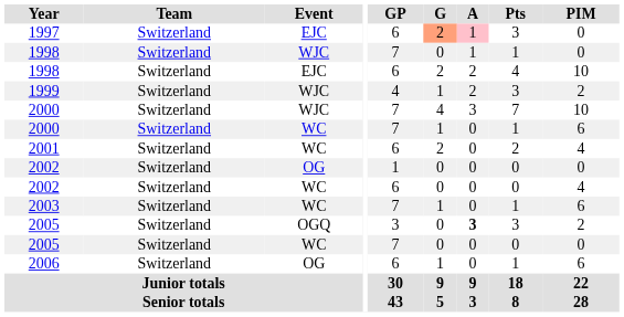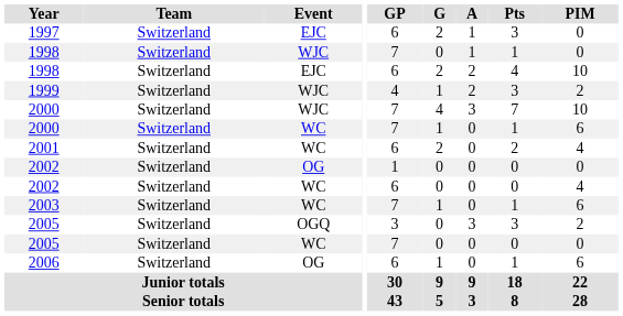 <table border="0" cellpadding="1" cellspacing="0" ID="Table3" style="text-align:center; width:40em">
 <tr ALIGN="center" bgcolor="#e0e0e0">
 <th>Year</th>
 <th>Team</th>
 <th>Event</th>
 <th rowspan="99" bgcolor="#ffffff"></th>
 <th>GP</th>
 <th>G</th>
 <th>A</th>
 <th>Pts</th>
 <th>PIM</th>
 </tr>
 <tr>
 <td><a href='#'>1997</a></td>
 <td><a href='#'>Switzerland</a></td>
 <td><a href='#'>EJC</a></td>
 <td>6</td>
-<td style="background: lightsalmon;">2</td>
-<td style="background: pink;">1</td>
+<td>2</td>
+<td>1</td>
 <td>3</td>
 <td>0</td>
 </tr>
 <tr bgcolor="#f0f0f0">
 <td><a href='#'>1998</a></td>
 <td><a href='#'>Switzerland</a></td>
 <td><a href='#'>WJC</a></td>
 <td>7</td>
 <td>0</td>
 <td>1</td>
 <td>1</td>
 <td>0</td>
 </tr>
 <tr>
 <td><a href='#'>1998</a></td>
 <td>Switzerland</td>
 <td>EJC</td>
 <td>6</td>
 <td>2</td>
 <td>2</td>
 <td>4</td>
 <td>10</td>
 </tr>
 <tr bgcolor="#f0f0f0">
 <td><a href='#'>1999</a></td>
 <td>Switzerland</td>
 <td>WJC</td>
 <td>4</td>
 <td>1</td>
 <td>2</td>
 <td>3</td>
 <td>2</td>
 </tr>
 <tr>
 <td><a href='#'>2000</a></td>
 <td>Switzerland</td>
 <td>WJC</td>
 <td>7</td>
 <td>4</td>
 <td>3</td>
 <td>7</td>
 <td>10</td>
 </tr>
 <tr bgcolor="#f0f0f0">
 <td><a href='#'>2000</a></td>
 <td><a href='#'>Switzerland</a></td>
 <td><a href='#'>WC</a></td>
 <td>7</td>
 <td>1</td>
 <td>0</td>
 <td>1</td>
 <td>6</td>
 </tr>
 <tr>
 <td><a href='#'>2001</a></td>
 <td>Switzerland</td>
 <td>WC</td>
 <td>6</td>
 <td>2</td>
 <td>0</td>
 <td>2</td>
 <td>4</td>
 </tr>
 <tr bgcolor="#f0f0f0">
 <td><a href='#'>2002</a></td>
 <td>Switzerland</td>
 <td><a href='#'>OG</a></td>
 <td>1</td>
 <td>0</td>
 <td>0</td>
 <td>0</td>
 <td>0</td>
 </tr>
 <tr>
 <td><a href='#'>2002</a></td>
 <td>Switzerland</td>
 <td>WC</td>
 <td>6</td>
 <td>0</td>
 <td>0</td>
 <td>0</td>
 <td>4</td>
 </tr>
 <tr bgcolor="#f0f0f0">
 <td><a href='#'>2003</a></td>
 <td>Switzerland</td>
 <td>WC</td>
 <td>7</td>
 <td>1</td>
 <td>0</td>
 <td>1</td>
 <td>6</td>
 </tr>
 <tr>
 <td><a href='#'>2005</a></td>
 <td>Switzerland</td>
 <td>OGQ</td>
 <td>3</td>
 <td>0</td>
-<td><strong>3</strong></td>
+<td>3</td>
 <td>3</td>
 <td>2</td>
 </tr>
 <tr bgcolor="#f0f0f0">
 <td><a href='#'>2005</a></td>
 <td>Switzerland</td>
 <td>WC</td>
 <td>7</td>
 <td>0</td>
 <td>0</td>
 <td>0</td>
 <td>0</td>
 </tr>
 <tr>
 <td><a href='#'>2006</a></td>
 <td>Switzerland</td>
 <td>OG</td>
 <td>6</td>
 <td>1</td>
 <td>0</td>
 <td>1</td>
 <td>6</td>
 </tr>
 <tr bgcolor="#e0e0e0">
 <th colspan="3">Junior totals</th>
 <th>30</th>
 <th>9</th>
 <th>9</th>
 <th>18</th>
 <th>22</th>
 </tr>
 <tr bgcolor="#e0e0e0">
 <th colspan="3">Senior totals</th>
 <th>43</th>
 <th>5</th>
 <th>3</th>
 <th>8</th>
 <th>28</th>
 </tr>
 </table>
